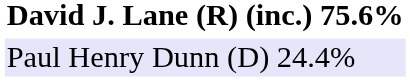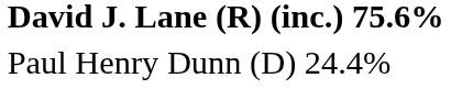 <table>
 <tr>
 <td><strong>David J. Lane (R) (inc.) 75.6%</strong></td>
 </tr>
 <tr>
-<td style="background: lavender;">Paul Henry Dunn (D) 24.4%</td>
+<td>Paul Henry Dunn (D) 24.4%</td>
 </tr>
 </table>
